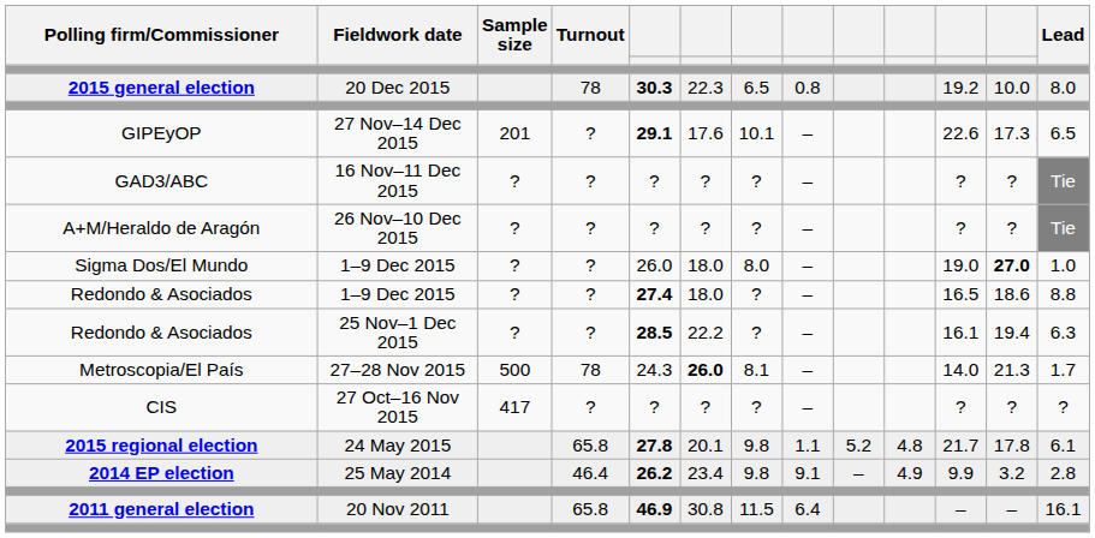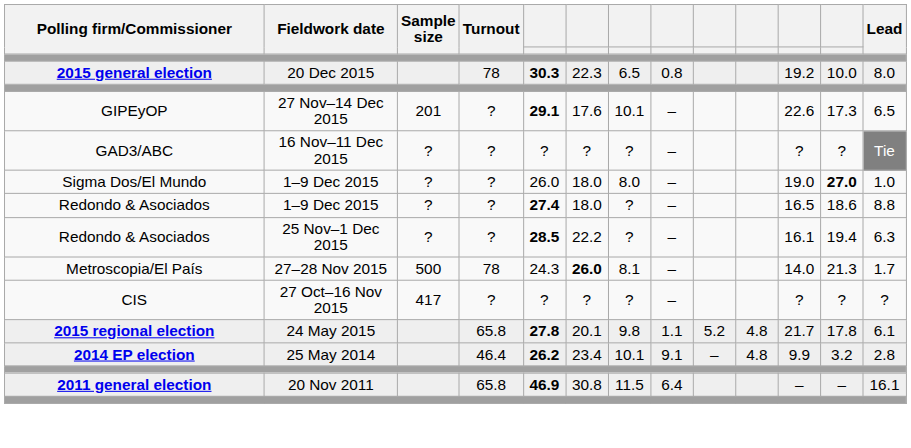 <table class="wikitable collapsible collapsed" style="text-align:center; font-size:95%; line-height:16px;">
 <tr style="height:42px; background-color:#E9E9E9">
 <th style="width:250px;" rowspan="2">Polling firm/Commissioner</th>
 <th style="width:125px;" rowspan="2">Fieldwork date</th>
 <th style="width:50px;" rowspan="2">Sample size</th>
 <th style="width:45px;" rowspan="2">Turnout</th>
 <th style="width:35px;"></th>
 <th style="width:35px;"></th>
 <th style="width:35px;"></th>
 <th style="width:35px;"></th>
 <th style="width:35px;"></th>
 <th style="width:35px;"></th>
 <th style="width:35px;"></th>
 <th style="width:35px;"></th>
 <th style="width:30px;" rowspan="2">Lead</th>
 </tr>
 <tr>
 <th style="color:inherit;background:"></th>
 <th style="color:inherit;background:"></th>
 <th style="color:inherit;background:"></th>
 <th style="color:inherit;background:"></th>
 <th style="color:inherit;background:"></th>
 <th style="color:inherit;background:"></th>
 <th style="color:inherit;background:"></th>
 <th style="color:inherit;background:"></th>
 </tr>
 <tr>
 <td colspan="13" style="background:#A0A0A0"></td>
 </tr>
 <tr style="background:#EFEFEF;">
 <td><strong><a href='#'>2015 general election</a></strong></td>
 <td>20 Dec 2015</td>
 <td></td>
 <td>78</td>
 <td><strong>30.3</strong><br></td>
 <td>22.3<br></td>
 <td>6.5<br></td>
 <td>0.8<br></td>
 <td></td>
 <td></td>
 <td>19.2<br></td>
 <td>10.0<br></td>
 <td style="background:">8.0</td>
 </tr>
 <tr>
 <td colspan="13" style="background:#A0A0A0"></td>
 </tr>
 <tr>
 <td>GIPEyOP</td>
 <td>27 Nov–14 Dec 2015</td>
 <td>201</td>
 <td>?</td>
 <td><strong>29.1</strong><br></td>
 <td>17.6<br></td>
 <td>10.1<br></td>
 <td>–</td>
 <td></td>
 <td></td>
 <td>22.6<br></td>
 <td>17.3<br></td>
 <td style="background:">6.5</td>
 </tr>
 <tr>
 <td>GAD3/ABC</td>
 <td>16 Nov–11 Dec 2015</td>
-<td>?</td>
-<td>?</td>
-<td>?<br></td>
-<td>?<br></td>
-<td>?<br></td>
-<td>–</td>
-<td></td>
-<td></td>
-<td>?<br></td>
-<td>?<br></td>
-<td style="background:gray;color:white;">Tie</td>
-</tr>
-<tr>
-<td>A+M/Heraldo de Aragón</td>
-<td>26 Nov–10 Dec 2015</td>
 <td>?</td>
 <td>?</td>
 <td>?<br></td>
 <td>?<br></td>
 <td>?<br></td>
 <td>–</td>
 <td></td>
 <td></td>
 <td>?<br></td>
 <td>?<br></td>
 <td style="background:gray;color:white;">Tie</td>
 </tr>
 <tr>
 <td>Sigma Dos/El Mundo</td>
 <td>1–9 Dec 2015</td>
 <td>?</td>
 <td>?</td>
 <td>26.0<br></td>
 <td>18.0<br></td>
 <td>8.0<br></td>
 <td>–</td>
 <td></td>
 <td></td>
 <td>19.0<br></td>
 <td><strong>27.0</strong><br></td>
 <td style="background:">1.0</td>
 </tr>
 <tr>
 <td>Redondo & Asociados</td>
 <td>1–9 Dec 2015</td>
 <td>?</td>
 <td>?</td>
 <td><strong>27.4</strong><br></td>
 <td>18.0<br></td>
 <td>?<br></td>
 <td>–</td>
 <td></td>
 <td></td>
 <td>16.5<br></td>
 <td>18.6<br></td>
 <td style="background:">8.8</td>
 </tr>
 <tr>
 <td>Redondo & Asociados</td>
 <td>25 Nov–1 Dec 2015</td>
 <td>?</td>
 <td>?</td>
 <td><strong>28.5</strong><br></td>
 <td>22.2<br></td>
 <td>?<br></td>
 <td>–</td>
 <td></td>
 <td></td>
 <td>16.1<br></td>
 <td>19.4<br></td>
 <td style="background:">6.3</td>
 </tr>
 <tr>
 <td>Metroscopia/El País</td>
 <td>27–28 Nov 2015</td>
 <td>500</td>
 <td>78</td>
 <td>24.3<br></td>
 <td><strong>26.0</strong><br></td>
 <td>8.1<br></td>
 <td>–</td>
 <td></td>
 <td></td>
 <td>14.0<br></td>
 <td>21.3<br></td>
 <td style="background:">1.7</td>
 </tr>
 <tr>
 <td>CIS</td>
 <td>27 Oct–16 Nov 2015</td>
 <td>417</td>
 <td>?</td>
 <td>?<br></td>
 <td>?<br></td>
 <td>?<br></td>
 <td>–</td>
 <td></td>
 <td></td>
 <td>?<br></td>
 <td>?<br></td>
 <td style="background:">?</td>
 </tr>
 <tr style="background:#EFEFEF;">
 <td><strong><a href='#'>2015 regional election</a></strong></td>
 <td>24 May 2015</td>
 <td></td>
 <td>65.8</td>
 <td><strong>27.8</strong><br></td>
 <td>20.1<br></td>
 <td>9.8<br></td>
 <td>1.1<br></td>
 <td>5.2<br></td>
 <td>4.8<br></td>
 <td>21.7<br></td>
 <td>17.8<br></td>
 <td style="background:">6.1</td>
 </tr>
 <tr style="background:#EFEFEF;">
 <td><strong><a href='#'>2014 EP election</a></strong></td>
 <td>25 May 2014</td>
 <td></td>
 <td>46.4</td>
 <td><strong>26.2</strong><br></td>
 <td>23.4<br></td>
-<td>9.8<br></td>
+<td>10.1<br></td>
 <td>9.1<br></td>
 <td>–</td>
-<td>4.9<br></td>
+<td>4.8<br></td>
 <td>9.9<br></td>
 <td>3.2<br></td>
 <td style="background:">2.8</td>
 </tr>
 <tr>
 <td colspan="13" style="background:#A0A0A0"></td>
 </tr>
 <tr style="background:#EFEFEF;">
 <td><strong><a href='#'>2011 general election</a></strong></td>
 <td>20 Nov 2011</td>
 <td></td>
 <td>65.8</td>
 <td><strong>46.9</strong><br></td>
 <td>30.8<br></td>
 <td>11.5<br></td>
 <td>6.4<br></td>
 <td></td>
 <td></td>
 <td>–</td>
 <td>–</td>
 <td style="background:">16.1</td>
 </tr>
 <tr>
 <td colspan="13" style="background:#A0A0A0"></td>
 </tr>
 </table>
